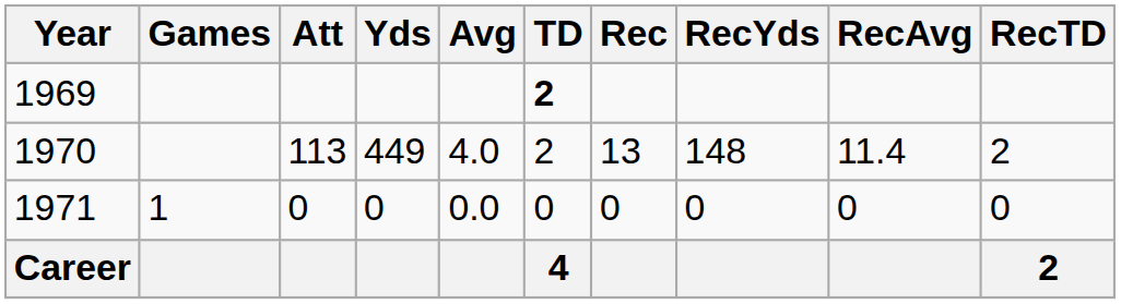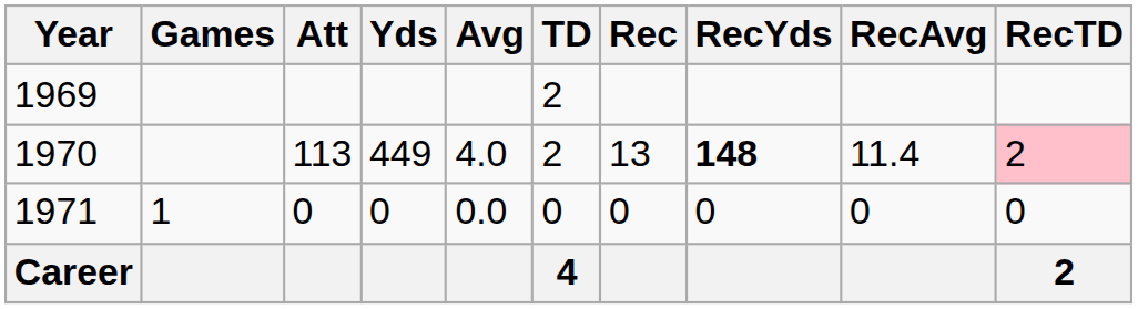 <table class="wikitable">
 <tr>
 <th>Year</th>
 <th>Games</th>
 <th>Att</th>
 <th>Yds</th>
 <th>Avg</th>
 <th>TD</th>
 <th>Rec</th>
 <th>RecYds</th>
 <th>RecAvg</th>
 <th>RecTD</th>
 </tr>
 <tr>
 <td>1969</td>
 <td></td>
 <td></td>
 <td></td>
 <td></td>
-<td><strong>2</strong></td>
+<td>2</td>
 <td></td>
 <td></td>
 <td></td>
 <td></td>
 </tr>
 <tr>
 <td>1970</td>
 <td></td>
 <td>113</td>
 <td>449</td>
 <td>4.0</td>
 <td>2</td>
 <td>13</td>
-<td>148</td>
+<td><strong>148</strong></td>
 <td>11.4</td>
-<td>2</td>
+<td style="background: pink;">2</td>
 </tr>
 <tr>
 <td>1971</td>
 <td>1</td>
 <td>0</td>
 <td>0</td>
 <td>0.0</td>
 <td>0</td>
 <td>0</td>
 <td>0</td>
 <td>0</td>
 <td>0</td>
 </tr>
 <tr>
 <th>Career</th>
 <th></th>
 <th></th>
 <th></th>
 <th></th>
 <th>4</th>
 <th></th>
 <th></th>
 <th></th>
 <th>2</th>
 </tr>
 <tr>
 </tr>
 </table>
